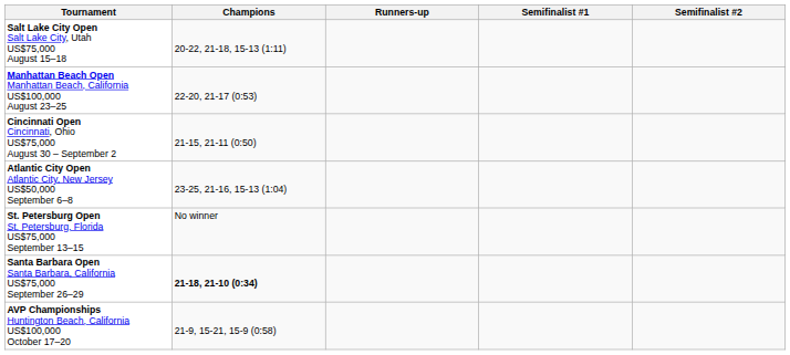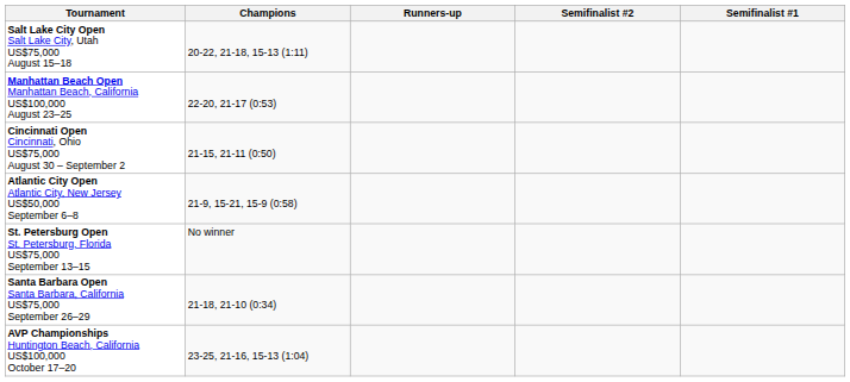 <table class=wikitable style=font-size:85%>
 <tr>
 <th width=230>Tournament</th>
 <th width=210>Champions</th>
 <th width=210>Runners-up</th>
+<th width=210>Semifinalist #2</th>
 <th width=210>Semifinalist #1</th>
-<th width=210>Semifinalist #2</th>
 </tr>
 <tr valign=top>
 <td style="background:#ffffff;"><strong>Salt Lake City Open</strong><br><a href='#'>Salt Lake City</a>, Utah<br>US$75,000<br>August 15–18</td>
 <td><br><br>20-22, 21-18, 15-13 (1:11)</td>
 <td><br></td>
 <td><br></td>
 <td><br></td>
 </tr>
 <tr valign=top>
 <td style="background:#ffffff;"><strong><a href='#'>Manhattan Beach Open</a></strong><br><a href='#'>Manhattan Beach, California</a><br>US$100,000<br>August 23–25</td>
 <td><br><br>22-20, 21-17 (0:53)</td>
 <td><br></td>
 <td><br></td>
 <td><br></td>
 </tr>
 <tr valign=top>
 <td style="background:#ffffff;"><strong>Cincinnati Open</strong><br><a href='#'>Cincinnati</a>, Ohio<br>US$75,000<br>August 30 – September 2</td>
 <td><br><br>21-15, 21-11 (0:50)</td>
 <td><br></td>
 <td><br></td>
 <td><br></td>
 </tr>
 <tr valign=top>
 <td style="background:#ffffff;"><strong>Atlantic City Open</strong><br><a href='#'>Atlantic City, New Jersey</a><br>US$50,000<br>September 6–8</td>
-<td><br><br>23-25, 21-16, 15-13 (1:04)</td>
+<td><br><br>21-9, 15-21, 15-9 (0:58)</td>
 <td><br></td>
 <td><br></td>
 <td><br></td>
 </tr>
 <tr valign=top>
 <td style="background:#ffffff;"><strong>St. Petersburg Open</strong><br><a href='#'>St. Petersburg, Florida</a><br>US$75,000<br>September 13–15</td>
 <td>No winner</td>
 <td><br></td>
 <td><br></td>
 <td><br></td>
 </tr>
 <tr valign=top>
 <td style="background:#ffffff;"><strong>Santa Barbara Open</strong><br><a href='#'>Santa Barbara, California</a><br>US$75,000<br>September 26–29</td>
-<td><strong><br><br>21-18, 21-10 (0:34)</strong></td>
+<td><br><br>21-18, 21-10 (0:34)</td>
 <td><br></td>
 <td><br></td>
 <td><br></td>
 </tr>
 <tr valign=top>
 <td style="background:#ffffff;"><strong>AVP Championships</strong><br><a href='#'>Huntington Beach, California</a><br>US$100,000<br>October 17–20</td>
-<td><br><br>21-9, 15-21, 15-9 (0:58)</td>
+<td><br><br>23-25, 21-16, 15-13 (1:04)</td>
 <td><br></td>
 <td><br></td>
 <td><br></td>
 </tr>
 </table>
